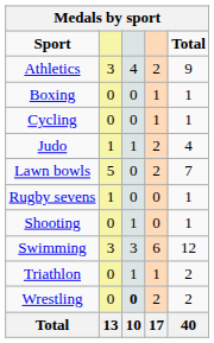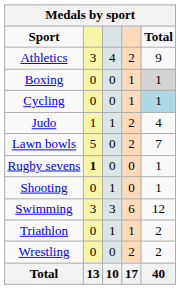 <table class="wikitable" style="font-size:85%; float:right">
 <tr bgcolor=#efefef>
 <th colspan=7>Medals by sport</th>
 </tr>
 <tr align=center>
 <td><strong>Sport</strong></td>
 <td bgcolor=#f7f6a8></td>
 <td bgcolor=#dce5e5></td>
 <td bgcolor=#ffdab9></td>
 <td><strong>Total</strong></td>
 </tr>
 <tr align=center>
 <td><a href='#'>Athletics</a></td>
 <td bgcolor=#f7f6a8>3</td>
 <td bgcolor=#dce5e5>4</td>
 <td bgcolor=#ffdab9>2</td>
 <td>9</td>
 </tr>
 <tr align=center>
 <td><a href='#'>Boxing</a></td>
 <td bgcolor=#f7f6a8>0</td>
 <td bgcolor=#dce5e5>0</td>
 <td bgcolor=#ffdab9>1</td>
-<td>1</td>
+<td style="background: lightgrey;">1</td>
 </tr>
 <tr align=center>
 <td><a href='#'>Cycling</a></td>
 <td bgcolor=#f7f6a8>0</td>
 <td bgcolor=#dce5e5>0</td>
 <td bgcolor=#ffdab9>1</td>
-<td>1</td>
+<td style="background: lightblue;">1</td>
 </tr>
 <tr align=center>
 <td><a href='#'>Judo</a></td>
 <td bgcolor=#f7f6a8>1</td>
 <td bgcolor=#dce5e5>1</td>
 <td bgcolor=#ffdab9>2</td>
 <td>4</td>
 </tr>
 <tr align=center>
 <td><a href='#'>Lawn bowls</a></td>
 <td bgcolor=#f7f6a8>5</td>
 <td bgcolor=#dce5e5>0</td>
 <td bgcolor=#ffdab9>2</td>
 <td>7</td>
 </tr>
 <tr align=center>
 <td><a href='#'>Rugby sevens</a></td>
-<td bgcolor=#f7f6a8>1</td>
+<td bgcolor=#f7f6a8><strong>1</strong></td>
 <td bgcolor=#dce5e5>0</td>
 <td bgcolor=#ffdab9>0</td>
 <td>1</td>
 </tr>
 <tr align=center>
 <td><a href='#'>Shooting</a></td>
 <td bgcolor=#f7f6a8>0</td>
 <td bgcolor=#dce5e5>1</td>
 <td bgcolor=#ffdab9>0</td>
 <td>1</td>
 </tr>
 <tr align=center>
 <td><a href='#'>Swimming</a></td>
 <td bgcolor=#f7f6a8>3</td>
 <td bgcolor=#dce5e5>3</td>
 <td bgcolor=#ffdab9>6</td>
 <td>12</td>
 </tr>
 <tr align=center>
 <td><a href='#'>Triathlon</a></td>
 <td bgcolor=#f7f6a8>0</td>
 <td bgcolor=#dce5e5>1</td>
 <td bgcolor=#ffdab9>1</td>
 <td>2</td>
 </tr>
 <tr align=center>
 <td><a href='#'>Wrestling</a></td>
 <td bgcolor=#f7f6a8>0</td>
-<td bgcolor=#dce5e5><strong>0</strong></td>
+<td bgcolor=#dce5e5>0</td>
 <td bgcolor=#ffdab9>2</td>
 <td>2</td>
 </tr>
 <tr align=center>
 <th>Total</th>
 <th bgcolor=gold>13</th>
 <th bgcolor=silver>10</th>
 <th bgcolor=#c96>17</th>
 <th>40</th>
 </tr>
 </table>
